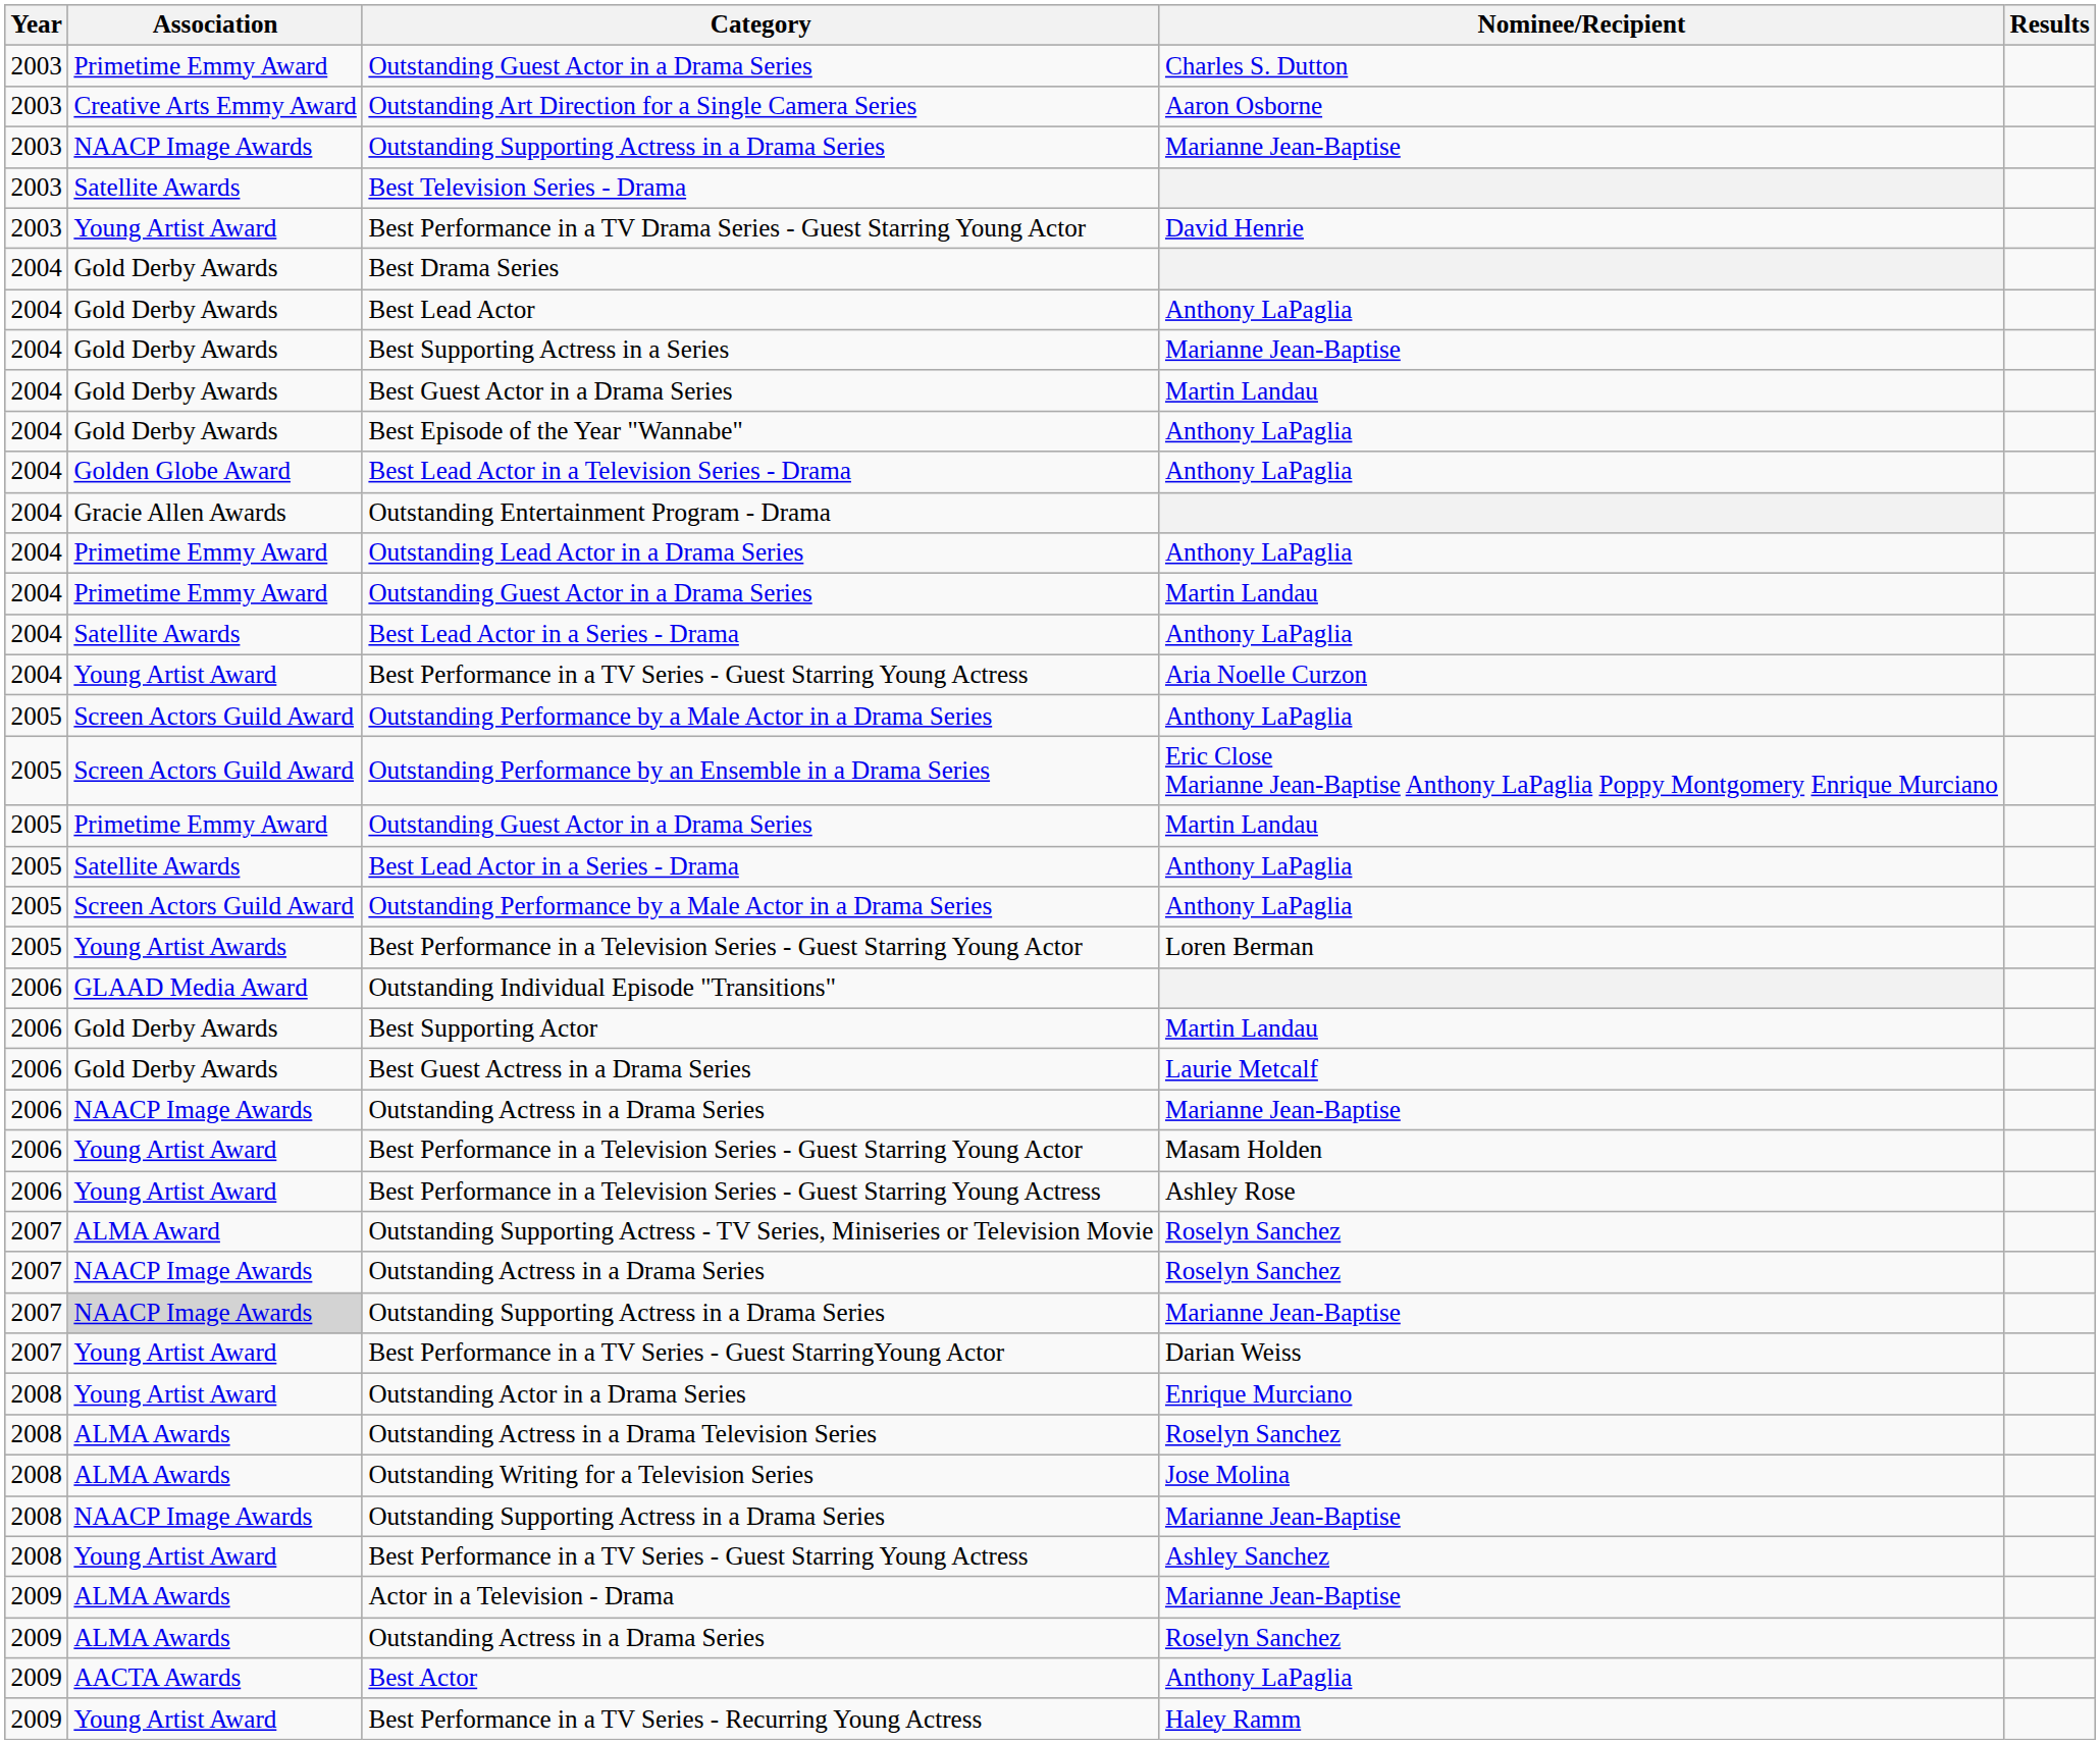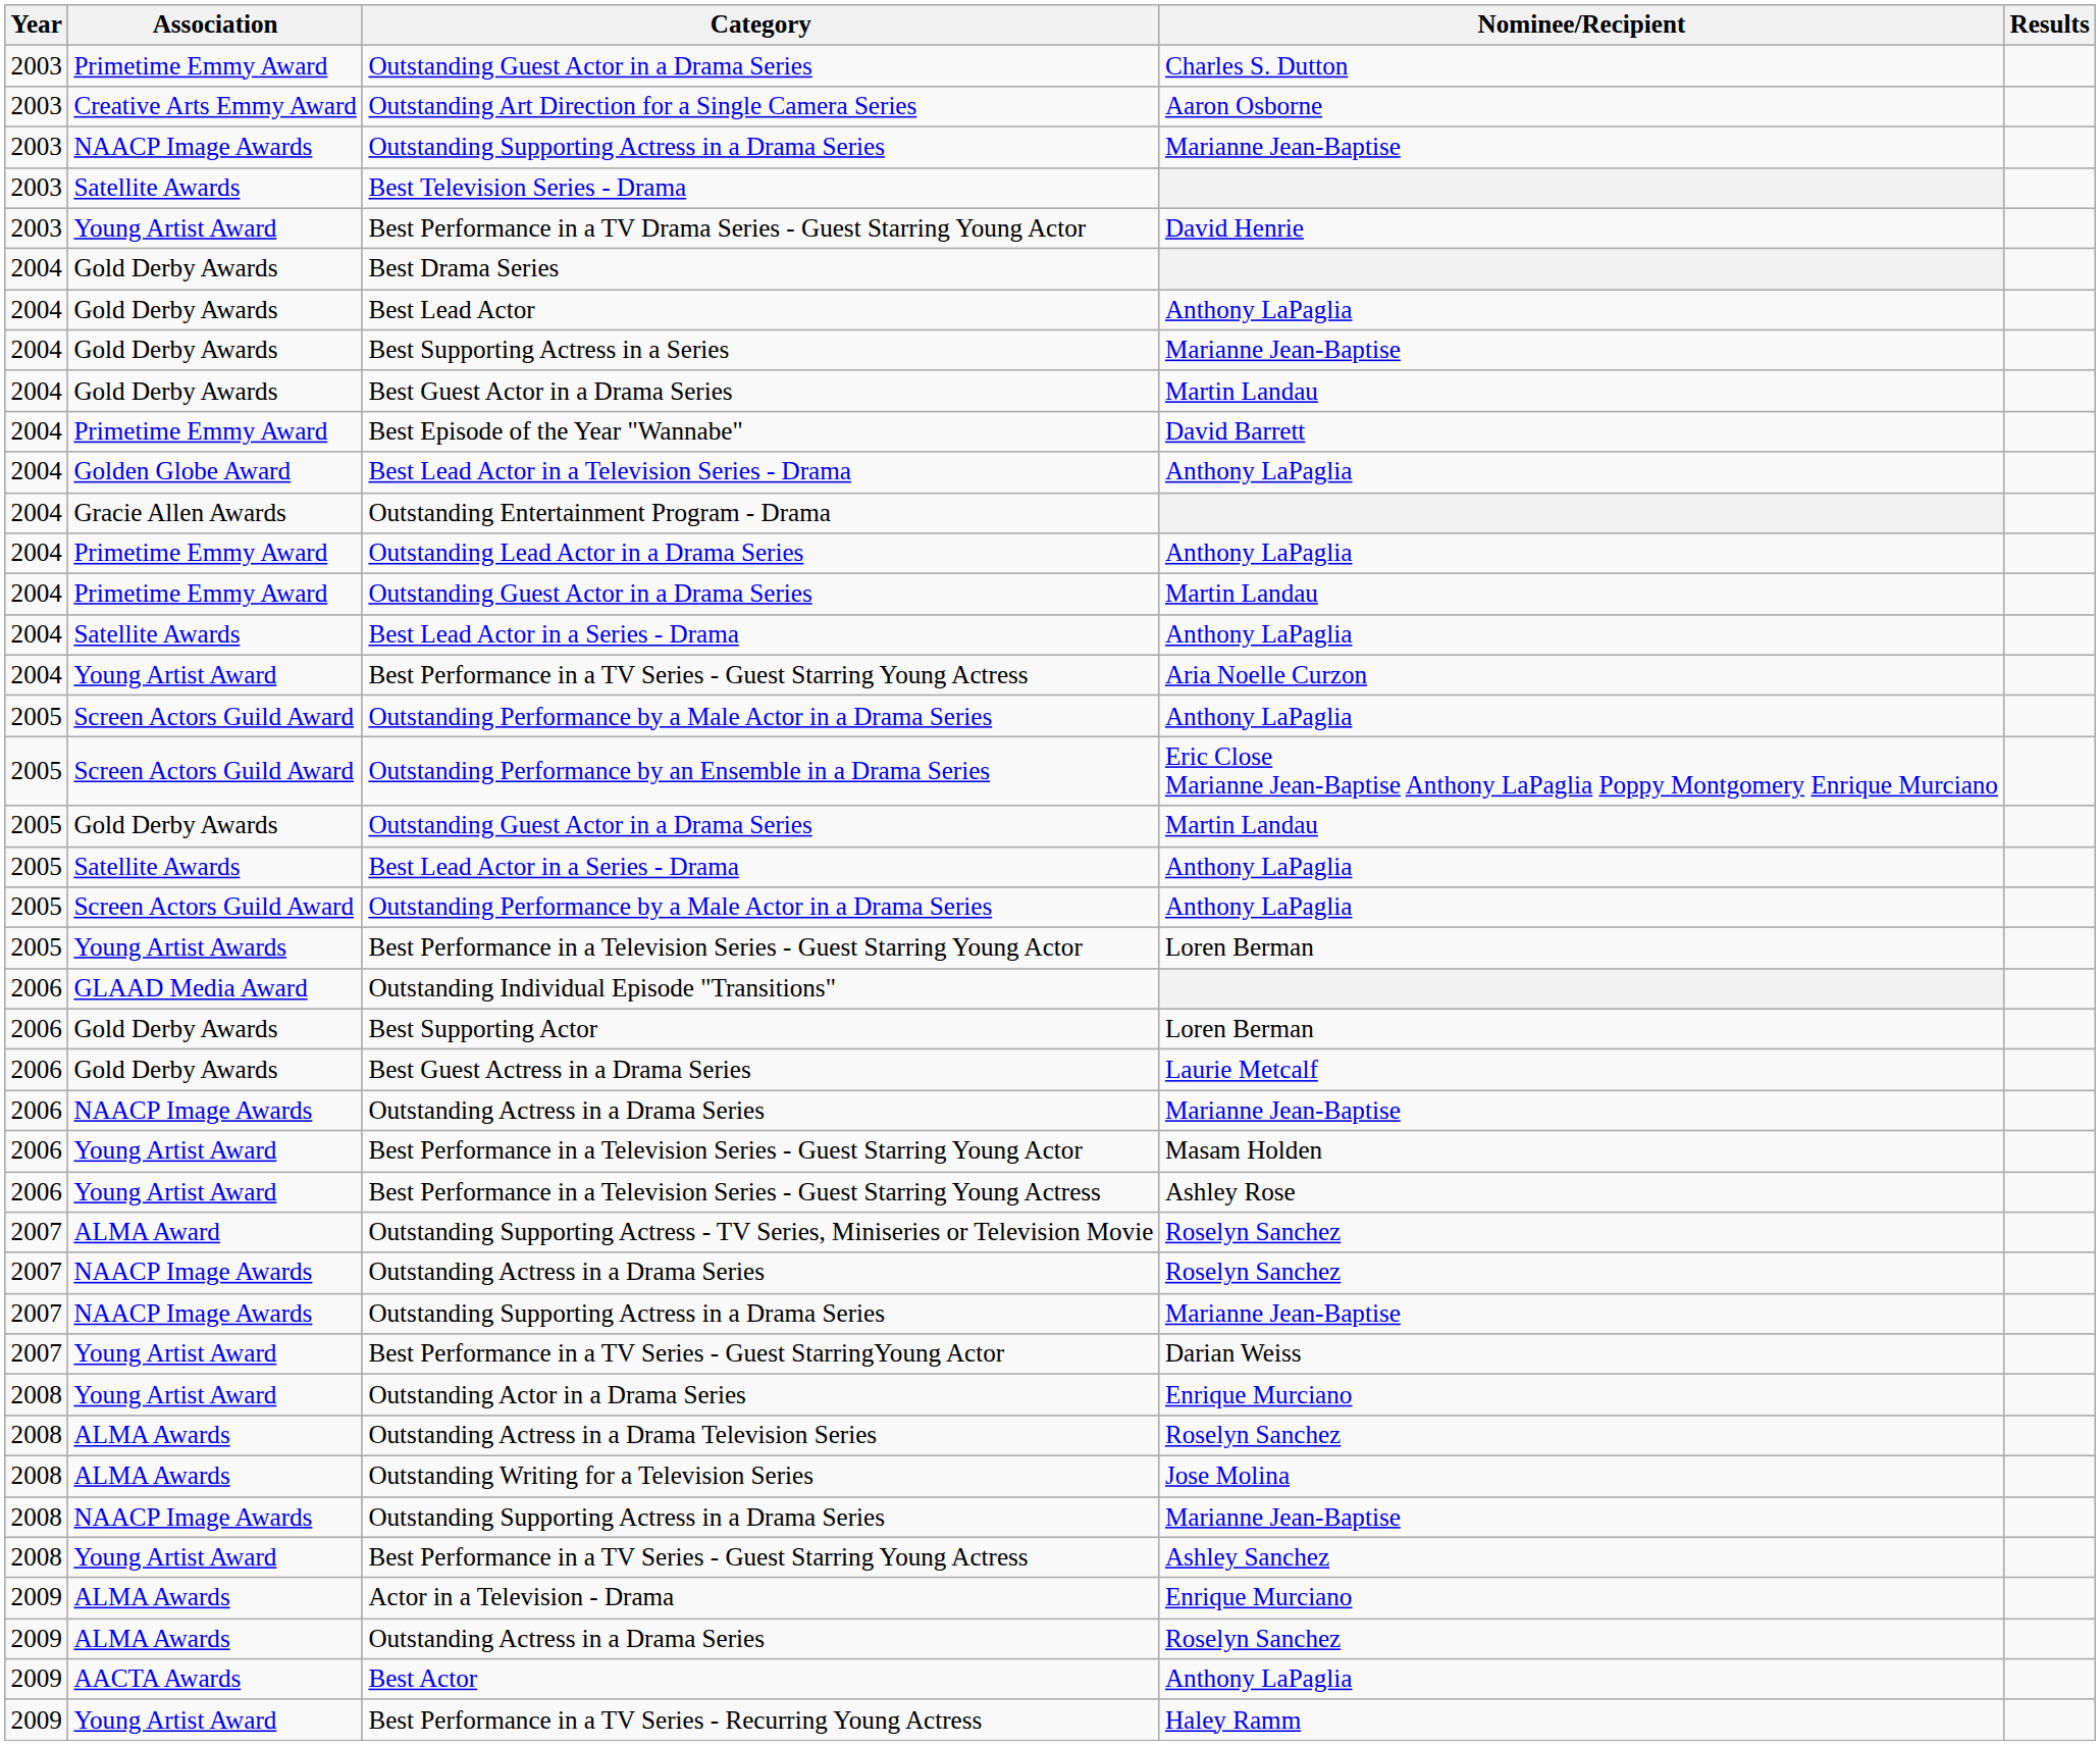 <table class="wikitable">
 <tr>
 <th>Year</th>
 <th>Association</th>
 <th>Category</th>
 <th>Nominee/Recipient</th>
 <th>Results</th>
 </tr>
 <tr>
 <td>2003</td>
 <td><a href='#'>Primetime Emmy Award</a></td>
 <td><a href='#'>Outstanding Guest Actor in a Drama Series</a></td>
 <td><a href='#'>Charles S. Dutton</a></td>
 <td></td>
 </tr>
 <tr>
 <td>2003</td>
 <td><a href='#'>Creative Arts Emmy Award</a></td>
 <td><a href='#'>Outstanding Art Direction for a Single Camera Series</a></td>
 <td><a href='#'>Aaron Osborne</a></td>
 <td></td>
 </tr>
 <tr>
 <td>2003</td>
 <td><a href='#'>NAACP Image Awards</a></td>
 <td><a href='#'>Outstanding Supporting Actress in a Drama Series</a></td>
 <td><a href='#'>Marianne Jean-Baptise</a></td>
 <td></td>
 </tr>
 <tr>
 <td>2003</td>
 <td><a href='#'>Satellite Awards</a></td>
 <td><a href='#'>Best Television Series - Drama</a></td>
 <th></th>
 <td></td>
 </tr>
 <tr>
 <td>2003</td>
 <td><a href='#'>Young Artist Award</a></td>
 <td>Best Performance in a TV Drama Series - Guest Starring Young Actor</td>
 <td><a href='#'>David Henrie</a></td>
 <td></td>
 </tr>
 <tr>
 <td>2004</td>
 <td>Gold Derby Awards</td>
 <td>Best Drama Series</td>
 <th></th>
 <td></td>
 </tr>
 <tr>
 <td>2004</td>
 <td>Gold Derby Awards</td>
 <td>Best Lead Actor</td>
 <td><a href='#'>Anthony LaPaglia</a></td>
 <td></td>
 </tr>
 <tr>
 <td>2004</td>
 <td>Gold Derby Awards</td>
 <td>Best Supporting Actress in a Series</td>
 <td><a href='#'>Marianne Jean-Baptise</a></td>
 <td></td>
 </tr>
 <tr>
 <td>2004</td>
 <td>Gold Derby Awards</td>
 <td>Best Guest Actor in a Drama Series</td>
 <td><a href='#'>Martin Landau</a></td>
 <td></td>
 </tr>
 <tr>
 <td>2004</td>
-<td>Gold Derby Awards</td>
+<td><a href='#'>Primetime Emmy Award</a></td>
 <td>Best Episode of the Year "Wannabe"</td>
-<td><a href='#'>Anthony LaPaglia</a></td>
+<td><a href='#'>David Barrett</a></td>
 <td></td>
 </tr>
 <tr>
 <td>2004</td>
 <td><a href='#'>Golden Globe Award</a></td>
 <td><a href='#'>Best Lead Actor in a Television Series - Drama</a></td>
 <td><a href='#'>Anthony LaPaglia</a></td>
 <td></td>
 </tr>
 <tr>
 <td>2004</td>
 <td>Gracie Allen Awards</td>
 <td>Outstanding Entertainment Program - Drama</td>
 <th></th>
 <td></td>
 </tr>
 <tr>
 <td>2004</td>
 <td><a href='#'>Primetime Emmy Award</a></td>
 <td><a href='#'>Outstanding Lead Actor in a Drama Series</a></td>
 <td><a href='#'>Anthony LaPaglia</a></td>
 <td></td>
 </tr>
 <tr>
 <td>2004</td>
 <td><a href='#'>Primetime Emmy Award</a></td>
 <td><a href='#'>Outstanding Guest Actor in a Drama Series</a></td>
 <td><a href='#'>Martin Landau</a></td>
 <td></td>
 </tr>
 <tr>
 <td>2004</td>
 <td><a href='#'>Satellite Awards</a></td>
 <td><a href='#'>Best Lead Actor in a Series - Drama</a></td>
 <td><a href='#'>Anthony LaPaglia</a></td>
 <td></td>
 </tr>
 <tr>
 <td>2004</td>
 <td><a href='#'>Young Artist Award</a></td>
 <td>Best Performance in a TV Series - Guest Starring Young Actress</td>
 <td><a href='#'>Aria Noelle Curzon</a></td>
 <td></td>
 </tr>
 <tr>
 <td>2005</td>
 <td><a href='#'>Screen Actors Guild Award</a></td>
 <td><a href='#'>Outstanding Performance by a Male Actor in a Drama Series</a></td>
 <td><a href='#'>Anthony LaPaglia</a></td>
 <td></td>
 </tr>
 <tr>
 <td>2005</td>
 <td><a href='#'>Screen Actors Guild Award</a></td>
 <td><a href='#'>Outstanding Performance by an Ensemble in a Drama Series</a></td>
 <td><a href='#'>Eric Close</a><br><a href='#'>Marianne Jean-Baptise</a> <a href='#'>Anthony LaPaglia</a> <a href='#'>Poppy Montgomery</a> <a href='#'>Enrique Murciano</a></td>
 <td></td>
 </tr>
 <tr>
 <td>2005</td>
-<td><a href='#'>Primetime Emmy Award</a></td>
+<td>Gold Derby Awards</td>
 <td><a href='#'>Outstanding Guest Actor in a Drama Series</a></td>
 <td><a href='#'>Martin Landau</a></td>
 <td></td>
 </tr>
 <tr>
 <td>2005</td>
 <td><a href='#'>Satellite Awards</a></td>
 <td><a href='#'>Best Lead Actor in a Series - Drama</a></td>
 <td><a href='#'>Anthony LaPaglia</a></td>
 <td></td>
 </tr>
 <tr>
 <td>2005</td>
 <td><a href='#'>Screen Actors Guild Award</a></td>
 <td><a href='#'>Outstanding Performance by a Male Actor in a Drama Series</a></td>
 <td><a href='#'>Anthony LaPaglia</a></td>
 <td></td>
 </tr>
 <tr>
 <td>2005</td>
 <td><a href='#'>Young Artist Awards</a></td>
 <td>Best Performance in a Television Series - Guest Starring Young Actor</td>
 <td>Loren Berman</td>
 <td></td>
 </tr>
 <tr>
 <td>2006</td>
 <td><a href='#'>GLAAD Media Award</a></td>
 <td>Outstanding Individual Episode "Transitions"</td>
 <th></th>
 <td></td>
 </tr>
 <tr>
 <td>2006</td>
 <td>Gold Derby Awards</td>
 <td>Best Supporting Actor</td>
-<td><a href='#'>Martin Landau</a></td>
+<td>Loren Berman</td>
 <td></td>
 </tr>
 <tr>
 <td>2006</td>
 <td>Gold Derby Awards</td>
 <td>Best Guest Actress in a Drama Series</td>
 <td><a href='#'>Laurie Metcalf</a></td>
 <td></td>
 </tr>
 <tr>
 <td>2006</td>
 <td><a href='#'>NAACP Image Awards</a></td>
 <td>Outstanding Actress in a Drama Series</td>
 <td><a href='#'>Marianne Jean-Baptise</a></td>
 <td></td>
 </tr>
 <tr>
 <td>2006</td>
 <td><a href='#'>Young Artist Award</a></td>
 <td>Best Performance in a Television Series - Guest Starring Young Actor</td>
 <td>Masam Holden</td>
 <td></td>
 </tr>
 <tr>
 <td>2006</td>
 <td><a href='#'>Young Artist Award</a></td>
 <td>Best Performance in a Television Series - Guest Starring Young Actress</td>
 <td>Ashley Rose</td>
 <td></td>
 </tr>
 <tr>
 <td>2007</td>
 <td><a href='#'>ALMA Award</a></td>
 <td>Outstanding Supporting Actress - TV Series, Miniseries or Television Movie</td>
 <td><a href='#'>Roselyn Sanchez</a></td>
 <td></td>
 </tr>
 <tr>
 <td>2007</td>
 <td><a href='#'>NAACP Image Awards</a></td>
 <td>Outstanding Actress in a Drama Series</td>
 <td><a href='#'>Roselyn Sanchez</a></td>
 <td></td>
 </tr>
 <tr>
 <td>2007</td>
-<td style="background: lightgrey;"><a href='#'>NAACP Image Awards</a></td>
+<td><a href='#'>NAACP Image Awards</a></td>
 <td>Outstanding Supporting Actress in a Drama Series</td>
 <td><a href='#'>Marianne Jean-Baptise</a></td>
 <td></td>
 </tr>
 <tr>
 <td>2007</td>
 <td><a href='#'>Young Artist Award</a></td>
 <td>Best Performance in a TV Series - Guest StarringYoung Actor</td>
 <td>Darian Weiss</td>
 <td></td>
 </tr>
 <tr>
 <td>2008</td>
 <td><a href='#'>Young Artist Award</a></td>
 <td>Outstanding Actor in a Drama Series</td>
 <td><a href='#'>Enrique Murciano</a></td>
 <td></td>
 </tr>
 <tr>
 <td>2008</td>
 <td><a href='#'>ALMA Awards</a></td>
 <td>Outstanding Actress in a Drama Television Series</td>
 <td><a href='#'>Roselyn Sanchez</a></td>
 <td></td>
 </tr>
 <tr>
 <td>2008</td>
 <td><a href='#'>ALMA Awards</a></td>
 <td>Outstanding Writing for a Television Series</td>
 <td><a href='#'>Jose Molina</a></td>
 <td></td>
 </tr>
 <tr>
 <td>2008</td>
 <td><a href='#'>NAACP Image Awards</a></td>
 <td>Outstanding Supporting Actress in a Drama Series</td>
 <td><a href='#'>Marianne Jean-Baptise</a></td>
 <td></td>
 </tr>
 <tr>
 <td>2008</td>
 <td><a href='#'>Young Artist Award</a></td>
 <td>Best Performance in a TV Series - Guest Starring Young Actress</td>
 <td><a href='#'>Ashley Sanchez</a></td>
 <td></td>
 </tr>
 <tr>
 <td>2009</td>
 <td><a href='#'>ALMA Awards</a></td>
 <td>Actor in a Television - Drama</td>
-<td><a href='#'>Marianne Jean-Baptise</a></td>
+<td><a href='#'>Enrique Murciano</a></td>
 <td></td>
 </tr>
 <tr>
 <td>2009</td>
 <td><a href='#'>ALMA Awards</a></td>
 <td>Outstanding Actress in a Drama Series</td>
 <td><a href='#'>Roselyn Sanchez</a></td>
 <td></td>
 </tr>
 <tr>
 <td>2009</td>
 <td><a href='#'>AACTA Awards</a></td>
 <td><a href='#'>Best Actor</a></td>
 <td><a href='#'>Anthony LaPaglia</a></td>
 <td></td>
 </tr>
 <tr>
 <td>2009</td>
 <td><a href='#'>Young Artist Award</a></td>
 <td>Best Performance in a TV Series - Recurring Young Actress</td>
 <td><a href='#'>Haley Ramm</a></td>
 <td></td>
 </tr>
 </table>
